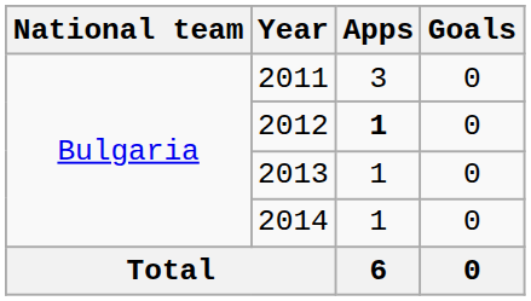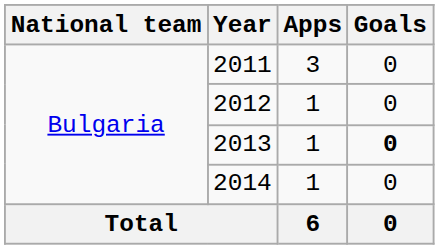 <table class="wikitable" style="text-align:center">
 <tr>
 <th>National team</th>
 <th>Year</th>
 <th>Apps</th>
 <th>Goals</th>
 </tr>
 <tr>
 <td rowspan="4"><a href='#'>Bulgaria</a></td>
 <td>2011</td>
 <td>3</td>
 <td>0</td>
 </tr>
 <tr>
 <td>2012</td>
-<td><strong>1</strong></td>
+<td>1</td>
 <td>0</td>
 </tr>
 <tr>
 <td>2013</td>
 <td>1</td>
-<td>0</td>
+<td><strong>0</strong></td>
 </tr>
 <tr>
 <td>2014</td>
 <td>1</td>
 <td>0</td>
 </tr>
 <tr>
 <th colspan="2">Total</th>
 <th>6</th>
 <th>0</th>
 </tr>
 </table>
